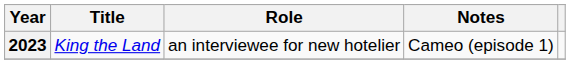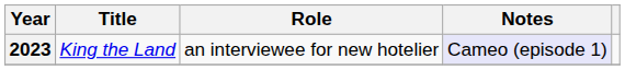 <table class="wikitable sortable plainrowheaders">
 <tr>
 <th scope="col">Year</th>
 <th scope="col">Title</th>
 <th scope="col">Role</th>
 <th scope="col" class="unsortable">Notes</th>
 <th scope="col" class="unsortable"></th>
 </tr>
 <tr>
 <th scope="row">2023</th>
 <td><em><a href='#'>King the Land</a></em></td>
 <td>an interviewee for new hotelier</td>
-<td>Cameo (episode 1)</td>
+<td style="background: lavender;">Cameo (episode 1)</td>
 <td></td>
 </tr>
 <tr>
 </tr>
 </table>
